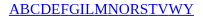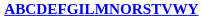 <table id="toc" class="toc" summary="Class" align="center" style="text-align:center;">
 <tr>
 <th></th>
 </tr>
 <tr>
-<td><a href='#'>A</a><a href='#'>B</a><a href='#'>C</a><a href='#'>D</a><a href='#'>E</a><a href='#'>F</a><a href='#'>G</a><a href='#'>I</a><a href='#'>L</a><a href='#'>M</a><a href='#'>N</a><a href='#'>O</a><a href='#'>R</a><a href='#'>S</a><a href='#'>T</a><a href='#'>V</a><a href='#'>W</a><a href='#'>Y</a></td>
+<td><strong><a href='#'>A</a><a href='#'>B</a><a href='#'>C</a><a href='#'>D</a><a href='#'>E</a><a href='#'>F</a><a href='#'>G</a><a href='#'>I</a><a href='#'>L</a><a href='#'>M</a><a href='#'>N</a><a href='#'>O</a><a href='#'>R</a><a href='#'>S</a><a href='#'>T</a><a href='#'>V</a><a href='#'>W</a><a href='#'>Y</a></strong></td>
 </tr>
 </table>
